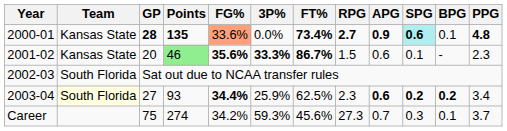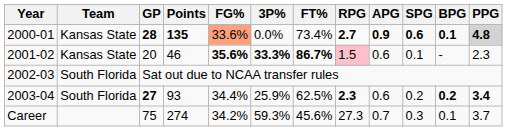 <table class="wikitable">
 <tr>
 <th>Year</th>
 <th>Team</th>
 <th>GP</th>
 <th>Points</th>
 <th>FG%</th>
 <th>3P%</th>
 <th>FT%</th>
 <th>RPG</th>
 <th>APG</th>
 <th>SPG</th>
 <th>BPG</th>
 <th>PPG</th>
 </tr>
 <tr>
 <td>2000-01</td>
 <td>Kansas State</td>
 <td><strong>28</strong></td>
 <td><strong>135</strong></td>
 <td style="background: lightsalmon;">33.6%</td>
 <td>0.0%</td>
-<td><strong>73.4%</strong></td>
+<td>73.4%</td>
 <td><strong>2.7</strong></td>
 <td><strong>0.9</strong></td>
-<td style="background: paleturquoise;"><strong>0.6</strong></td>
-<td>0.1</td>
-<td><strong>4.8</strong></td>
+<td><strong>0.6</strong></td>
+<td><strong>0.1</strong></td>
+<td style="background: lightgrey;"><strong>4.8</strong></td>
 </tr>
 <tr>
 <td>2001-02</td>
 <td>Kansas State</td>
 <td>20</td>
-<td style="background: lightgreen;">46</td>
+<td>46</td>
 <td><strong>35.6%</strong></td>
 <td><strong>33.3%</strong></td>
 <td><strong>86.7%</strong></td>
-<td>1.5</td>
+<td style="background: pink;">1.5</td>
 <td>0.6</td>
 <td>0.1</td>
 <td>-</td>
 <td>2.3</td>
 </tr>
 <tr>
 <td>2002-03</td>
 <td>South Florida</td>
 <td colspan="10">Sat out due to NCAA transfer rules</td>
 </tr>
 <tr>
 <td>2003-04</td>
-<td style="background: lightyellow;">South Florida</td>
-<td>27</td>
+<td>South Florida</td>
+<td><strong>27</strong></td>
 <td>93</td>
-<td><strong>34.4%</strong></td>
+<td>34.4%</td>
 <td>25.9%</td>
 <td>62.5%</td>
-<td>2.3</td>
-<td><strong>0.6</strong></td>
+<td><strong>2.3</strong></td>
+<td>0.6</td>
+<td>0.2</td>
 <td><strong>0.2</strong></td>
-<td><strong>0.2</strong></td>
-<td>3.4</td>
+<td><strong>3.4</strong></td>
 </tr>
 <tr>
 <td>Career</td>
 <td></td>
 <td>75</td>
 <td>274</td>
 <td>34.2%</td>
 <td>59.3%</td>
 <td>45.6%</td>
 <td>27.3</td>
 <td>0.7</td>
 <td>0.3</td>
 <td>0.1</td>
 <td>3.7</td>
 </tr>
 </table>
